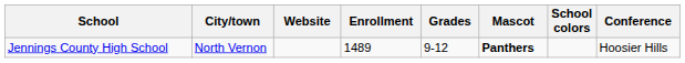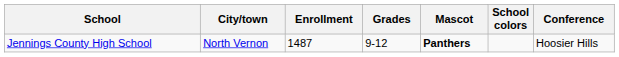 <table class="wikitable sortable" width="70%">
 <tr>
 <th width="20%">School</th>
 <th width="08%">City/town</th>
-<th width="06%">Website</th>
 <th width="04%">Enrollment</th>
 <th width="04%">Grades</th>
 <th width="04%">Mascot</th>
 <th width=01%>School colors</th>
 <th width="04%">Conference</th>
 </tr>
 <tr>
 <td><a href='#'>Jennings County High School</a></td>
 <td><a href='#'>North Vernon</a></td>
-<td></td>
-<td>1489</td>
+<td>1487</td>
 <td>9-12</td>
 <td><strong>Panthers</strong></td>
 <td>  </td>
 <td>Hoosier Hills</td>
 </tr>
 </table>
